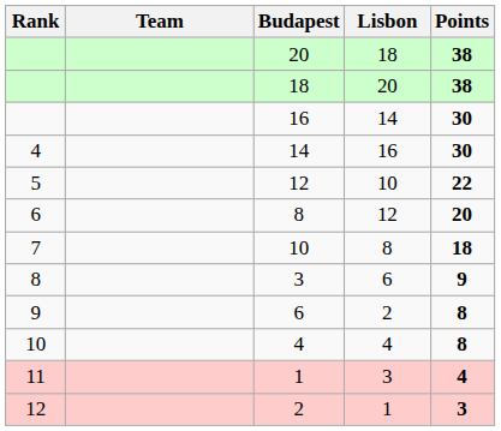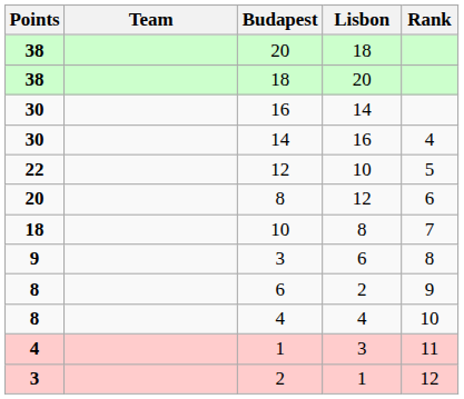 <table class="wikitable" style="text-align: center;">
 <tr>
-<th width=40>Rank</th>
+<th width=40>Points</th>
 <th width=140>Team</th>
 <th width=60>Budapest</th>
 <th width=60>Lisbon</th>
-<th width=40>Points</th>
+<th width=40>Rank</th>
 </tr>
 <tr bgcolor=ccffcc>
-<td></td>
+<td><strong>38</strong></td>
 <td align=left></td>
 <td>20</td>
 <td>18</td>
-<td><strong>38</strong></td>
+<td></td>
 </tr>
 <tr bgcolor=ccffcc>
-<td></td>
+<td><strong>38</strong></td>
 <td align=left></td>
 <td>18</td>
 <td>20</td>
-<td><strong>38</strong></td>
+<td></td>
 </tr>
 <tr>
-<td></td>
+<td><strong>30</strong></td>
 <td align=left></td>
 <td>16</td>
 <td>14</td>
-<td><strong>30</strong></td>
+<td></td>
 </tr>
 <tr>
-<td>4</td>
+<td><strong>30</strong></td>
 <td align=left></td>
 <td>14</td>
 <td>16</td>
-<td><strong>30</strong></td>
+<td>4</td>
 </tr>
 <tr>
-<td>5</td>
+<td><strong>22</strong></td>
 <td align=left></td>
 <td>12</td>
 <td>10</td>
-<td><strong>22</strong></td>
+<td>5</td>
 </tr>
 <tr>
-<td>6</td>
+<td><strong>20</strong></td>
 <td align=left></td>
 <td>8</td>
 <td>12</td>
-<td><strong>20</strong></td>
+<td>6</td>
 </tr>
 <tr>
-<td>7</td>
+<td><strong>18</strong></td>
 <td align=left></td>
 <td>10</td>
 <td>8</td>
-<td><strong>18</strong></td>
+<td>7</td>
 </tr>
 <tr>
-<td>8</td>
+<td><strong>9</strong></td>
 <td align=left></td>
 <td>3</td>
 <td>6</td>
-<td><strong>9</strong></td>
+<td>8</td>
 </tr>
 <tr>
-<td>9</td>
+<td><strong>8</strong></td>
 <td align=left></td>
 <td>6</td>
 <td>2</td>
-<td><strong>8</strong></td>
+<td>9</td>
 </tr>
 <tr>
-<td>10</td>
+<td><strong>8</strong></td>
 <td align=left></td>
 <td>4</td>
 <td>4</td>
-<td><strong>8</strong></td>
+<td>10</td>
 </tr>
 <tr bgcolor=ffcccc>
-<td>11</td>
+<td><strong>4</strong></td>
 <td align=left></td>
 <td>1</td>
 <td>3</td>
-<td><strong>4</strong></td>
+<td>11</td>
 </tr>
 <tr bgcolor=ffcccc>
-<td>12</td>
+<td><strong>3</strong></td>
 <td align=left></td>
 <td>2</td>
 <td>1</td>
-<td><strong>3</strong></td>
+<td>12</td>
 </tr>
 </table>
